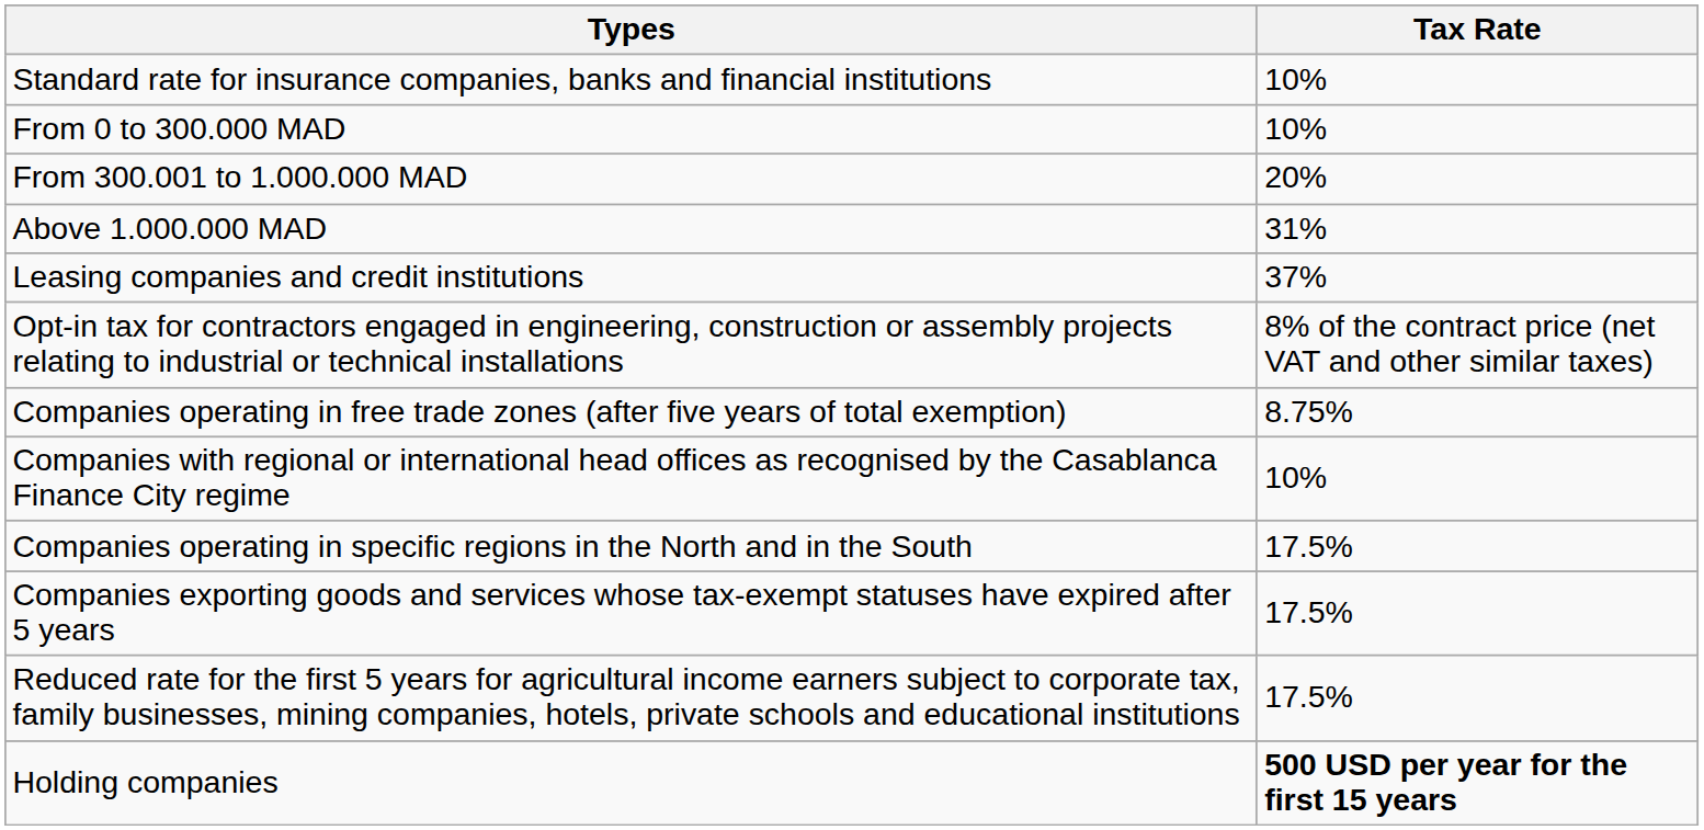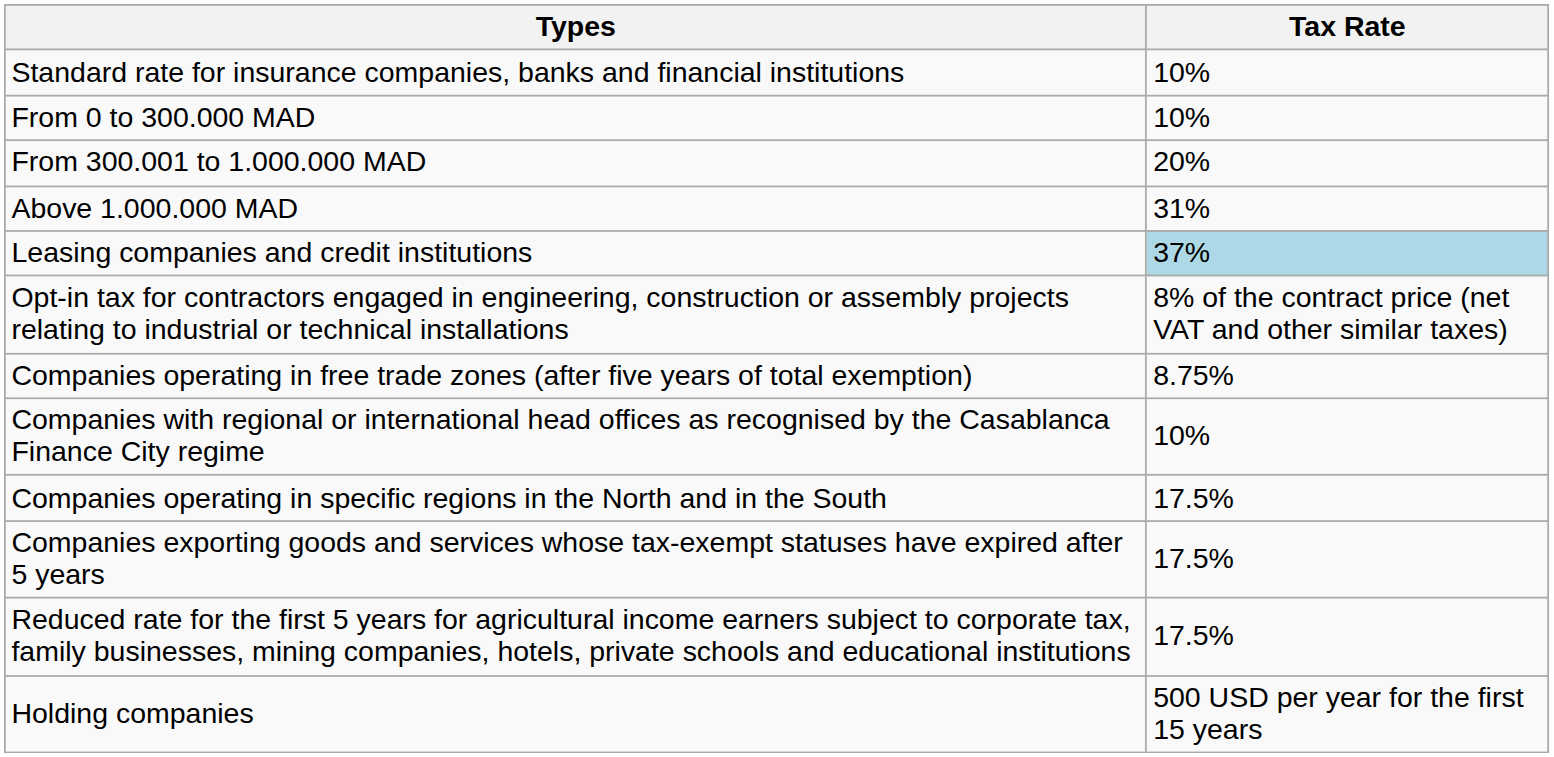 <table class="wikitable">
 <tr>
 <th>Types</th>
 <th>Tax Rate</th>
 </tr>
 <tr>
 <td>Standard rate for insurance companies, banks and financial institutions</td>
 <td>10%</td>
 </tr>
 <tr>
 <td>From 0 to 300.000 MAD</td>
 <td>10%</td>
 </tr>
 <tr>
 <td>From 300.001 to 1.000.000 MAD</td>
 <td>20%</td>
 </tr>
 <tr>
 <td>Above 1.000.000 MAD</td>
 <td>31%</td>
 </tr>
 <tr>
 <td>Leasing companies and credit institutions</td>
-<td>37%</td>
+<td style="background: lightblue;">37%</td>
 </tr>
 <tr>
 <td>Opt-in tax for contractors engaged in engineering, construction or assembly projects relating to industrial or technical installations</td>
 <td>8% of the contract price (net VAT and other similar taxes)</td>
 </tr>
 <tr>
 <td>Companies operating in free trade zones (after five years of total exemption)</td>
 <td>8.75%</td>
 </tr>
 <tr>
 <td>Companies with regional or international head offices as recognised by the Casablanca Finance City regime</td>
 <td>10%</td>
 </tr>
 <tr>
 <td>Companies operating in specific regions in the North and in the South</td>
 <td>17.5%</td>
 </tr>
 <tr>
 <td>Companies exporting goods and services whose tax-exempt statuses have expired after 5 years</td>
 <td>17.5%</td>
 </tr>
 <tr>
 <td>Reduced rate for the first 5 years for agricultural income earners subject to corporate tax, family businesses, mining companies, hotels, private schools and educational institutions</td>
 <td>17.5%</td>
 </tr>
 <tr>
 <td>Holding companies</td>
-<td><strong>500 USD per year for the first 15 years</strong></td>
+<td>500 USD per year for the first 15 years</td>
 </tr>
 </table>
